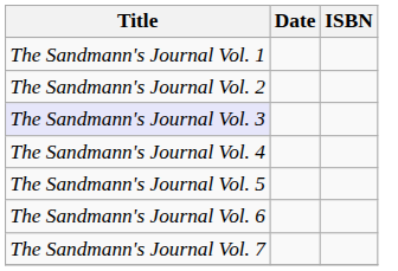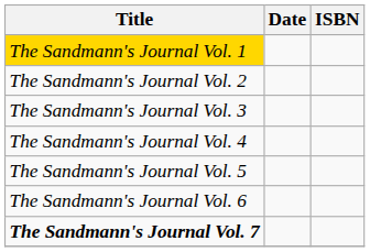 <table class="wikitable sortable" border="1">
 <tr>
 <th>Title</th>
 <th>Date</th>
 <th>ISBN</th>
 </tr>
 <tr>
-<td><em>The Sandmann's Journal Vol. 1</em></td>
+<td style="background: gold;"><em>The Sandmann's Journal Vol. 1</em></td>
 <td></td>
 <td></td>
 </tr>
 <tr>
 <td><em>The Sandmann's Journal Vol. 2</em></td>
 <td></td>
 <td></td>
 </tr>
 <tr>
-<td style="background: lavender;"><em>The Sandmann's Journal Vol. 3</em></td>
+<td><em>The Sandmann's Journal Vol. 3</em></td>
 <td></td>
 <td></td>
 </tr>
 <tr>
 <td><em>The Sandmann's Journal Vol. 4</em></td>
 <td></td>
 <td></td>
 </tr>
 <tr>
 <td><em>The Sandmann's Journal Vol. 5</em></td>
 <td></td>
 <td></td>
 </tr>
 <tr>
 <td><em>The Sandmann's Journal Vol. 6</em></td>
 <td></td>
 <td></td>
 </tr>
 <tr>
-<td><em>The Sandmann's Journal Vol. 7</em></td>
+<td><strong><em>The Sandmann's Journal Vol. 7</em></strong></td>
 <td></td>
 <td></td>
 </tr>
 <tr>
 </tr>
 </table>
